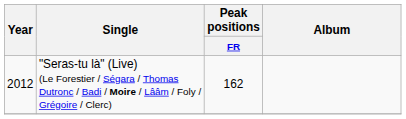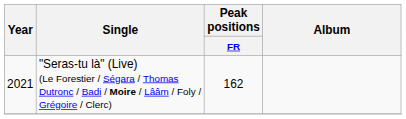 <table class="wikitable">
 <tr>
 <th align="center" rowspan="2" width="10">Year</th>
 <th align="center" rowspan="2" width="220">Single</th>
 <th align="center" colspan="1">Peak positions</th>
 <th align="center" rowspan="2" width="180">Album</th>
 </tr>
 <tr>
 <th width="20"><small><a href='#'>FR</a></small><br></th>
 </tr>
 <tr>
-<td align="center" rowspan="1">2012</td>
+<td align="center" rowspan="1">2021</td>
 <td>"Seras-tu là" (Live) <br><small>(Le Forestier / <a href='#'>Ségara</a> / <a href='#'>Thomas Dutronc</a> / <a href='#'>Badi</a> / <strong>Moire</strong> / <a href='#'>Lââm</a> / Foly / <a href='#'>Grégoire</a> / Clerc)</small></td>
 <td align="center">162</td>
 <td align="center"></td>
 </tr>
 <tr>
 </tr>
 </table>
